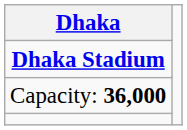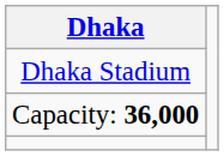 <table class="wikitable" style="text-align:center">
 <tr>
 <th><a href='#'>Dhaka</a></th>
 <td rowspan="4"></td>
 </tr>
 <tr>
-<td><strong><a href='#'>Dhaka Stadium</a></strong></td>
+<td><a href='#'>Dhaka Stadium</a></td>
 </tr>
 <tr>
 <td>Capacity: <strong>36,000</strong></td>
 </tr>
 <tr>
 <td></td>
 </tr>
 </table>
